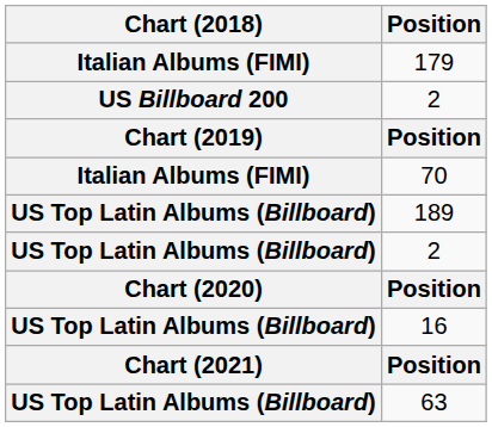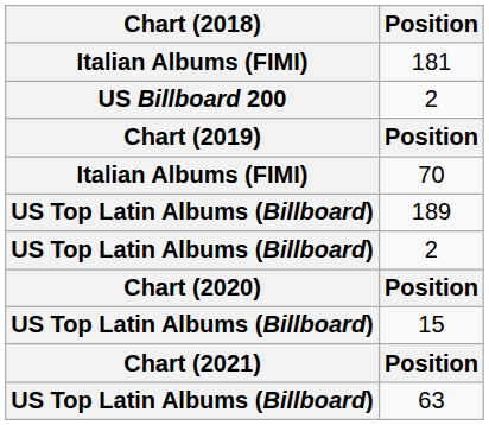 <table class="wikitable plainrowheaders" style="text-align:center">
 <tr>
 <th scope="col">Chart (2018)</th>
 <th scope="col">Position</th>
 </tr>
 <tr>
 <th scope="row">Italian Albums (FIMI)</th>
-<td>179</td>
+<td>181</td>
 </tr>
 <tr>
 <th scope="row">US <em>Billboard</em> 200</th>
 <td>2</td>
 </tr>
 <tr>
 <th scope="col">Chart (2019)</th>
 <th scope="col">Position</th>
 </tr>
 <tr>
 <th scope="row">Italian Albums (FIMI)</th>
 <td>70</td>
 </tr>
 <tr>
 <th scope="row">US Top Latin Albums (<em>Billboard</em>)</th>
 <td>189</td>
 </tr>
 <tr>
 <th scope="row">US Top Latin Albums (<em>Billboard</em>)</th>
 <td>2</td>
 </tr>
 <tr>
 <th scope="col">Chart (2020)</th>
 <th scope="col">Position</th>
 </tr>
 <tr>
 <th scope="row">US Top Latin Albums (<em>Billboard</em>)</th>
-<td>16</td>
+<td>15</td>
 </tr>
 <tr>
 <th scope="col">Chart (2021)</th>
 <th scope="col">Position</th>
 </tr>
 <tr>
 <th scope="row">US Top Latin Albums (<em>Billboard</em>)</th>
 <td>63</td>
 </tr>
 </table>
